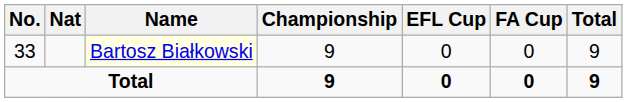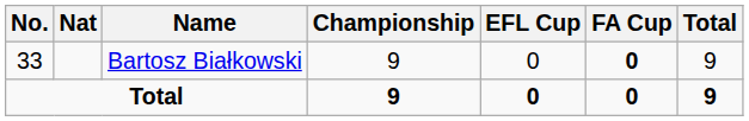 <table class="wikitable" style="text-align:center">
 <tr>
 <th width=0%>No.</th>
 <th width=0%>Nat</th>
 <th width=0%>Name</th>
 <th width=0%>Championship</th>
 <th width=0%>EFL Cup</th>
 <th width=0%>FA Cup</th>
 <th width=0%>Total</th>
 </tr>
 <tr>
 <td>33</td>
 <td></td>
-<td style="background: lightyellow;"><a href='#'>Bartosz Białkowski</a></td>
+<td><a href='#'>Bartosz Białkowski</a></td>
 <td>9</td>
 <td>0</td>
-<td>0</td>
+<td><strong>0</strong></td>
 <td>9</td>
 </tr>
 <tr>
 <td colspan=3><strong>Total</strong></td>
 <td><strong>9</strong></td>
 <td><strong>0</strong></td>
 <td><strong>0</strong></td>
 <td><strong>9</strong></td>
 </tr>
 </table>
